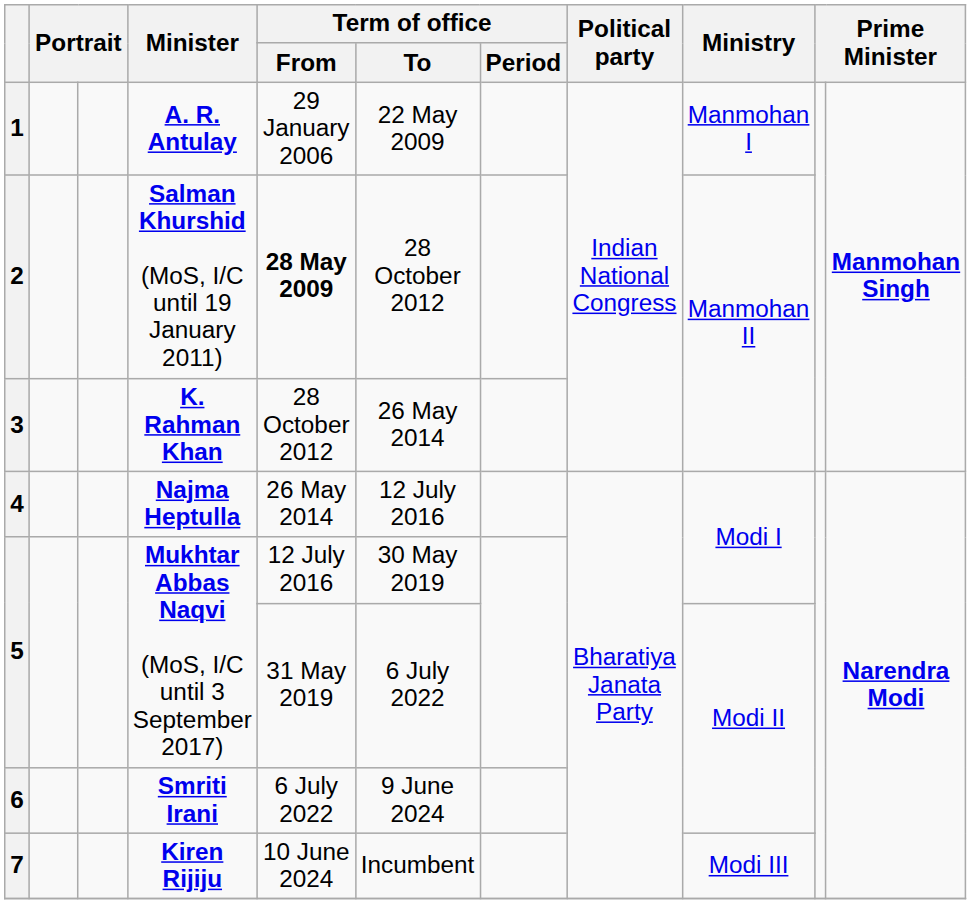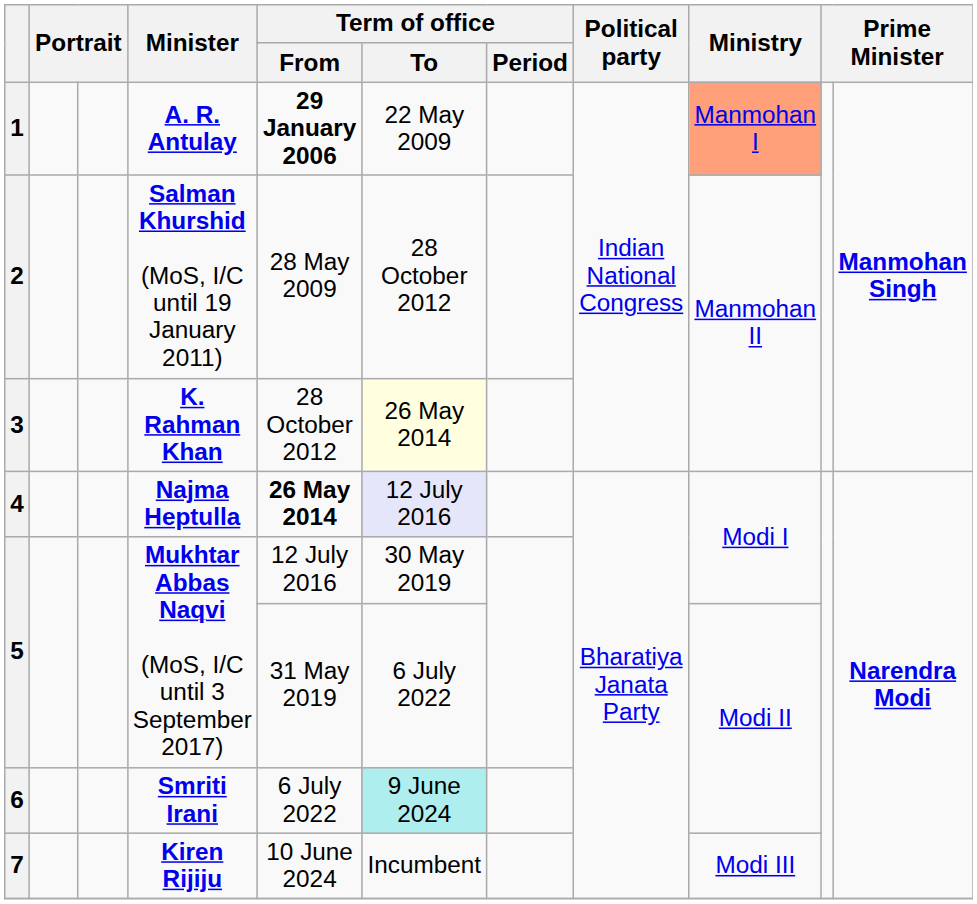 <table class="wikitable" style="text-align:center">
 <tr>
 <th rowspan="2"></th>
 <th rowspan="2" colspan="2">Portrait</th>
 <th rowspan="2" style="width:16em">Minister<br></th>
 <th colspan="3">Term of office</th>
 <th rowspan="2" style="width:8em">Political party</th>
 <th rowspan="2" style="width:6em">Ministry</th>
 <th rowspan="2" colspan="2">Prime Minister</th>
 </tr>
 <tr>
 <th style="width:8em">From</th>
 <th style="width:8em">To</th>
 <th style="width:6em">Period</th>
 </tr>
 <tr>
 <th>1</th>
 <td></td>
 <td></td>
 <td><strong><a href='#'>A. R. Antulay</a></strong><br></td>
-<td>29 January<br>2006</td>
+<td><strong>29 January<br>2006</strong></td>
 <td>22 May<br>2009</td>
 <td><strong></strong></td>
 <td rowspan="3"><a href='#'>Indian National Congress</a></td>
-<td><a href='#'>Manmohan I</a></td>
+<td style="background: lightsalmon;"><a href='#'>Manmohan I</a></td>
 <td rowspan="3"></td>
 <td rowspan="3" style="width:9em"><strong><a href='#'>Manmohan Singh</a></strong></td>
 </tr>
 <tr>
 <th>2</th>
 <td></td>
 <td></td>
 <td><strong><a href='#'>Salman Khurshid</a></strong><br><br>(MoS, I/C until 19 January 2011)</td>
-<td><strong>28 May<br>2009</strong></td>
+<td>28 May<br>2009</td>
 <td>28 October<br>2012</td>
 <td><strong></strong></td>
 <td rowspan="2"><a href='#'>Manmohan II</a></td>
 </tr>
 <tr>
 <th>3</th>
 <td></td>
 <td></td>
 <td><strong><a href='#'>K. Rahman Khan</a></strong><br></td>
 <td>28 October<br>2012</td>
-<td>26 May<br>2014</td>
+<td style="background: lightyellow;">26 May<br>2014</td>
 <td><strong></strong></td>
 </tr>
 <tr>
 <th>4</th>
 <td></td>
 <td></td>
 <td><strong><a href='#'>Najma Heptulla</a></strong><br></td>
-<td>26 May<br>2014</td>
-<td>12 July<br>2016</td>
+<td><strong>26 May<br>2014</strong></td>
+<td style="background: lavender;">12 July<br>2016</td>
 <td><strong></strong></td>
 <td rowspan="5"><a href='#'>Bharatiya Janata Party</a></td>
 <td rowspan="2"><a href='#'>Modi I</a></td>
 <td rowspan="5"></td>
 <td rowspan="5"><strong><a href='#'>Narendra Modi</a></strong></td>
 </tr>
 <tr>
 <th rowspan="2">5</th>
 <td rowspan="2"></td>
 <td rowspan="2"></td>
 <td rowspan="2"><strong><a href='#'>Mukhtar Abbas Naqvi</a></strong><br><br>(MoS, I/C until 3 September 2017)</td>
 <td>12 July<br>2016</td>
 <td>30 May<br>2019</td>
 <td rowspan="2"><strong></strong></td>
 </tr>
 <tr>
 <td>31 May<br>2019</td>
 <td>6 July<br>2022</td>
 <td rowspan="2"><a href='#'>Modi II</a></td>
 </tr>
 <tr>
 <th>6</th>
 <td></td>
 <td></td>
 <td><strong><a href='#'>Smriti Irani</a></strong><br></td>
 <td>6 July<br>2022</td>
-<td>9 June<br>2024</td>
+<td style="background: paleturquoise;">9 June<br>2024</td>
 <td><strong></strong></td>
 </tr>
 <tr>
 <th>7</th>
 <td></td>
 <td></td>
 <td><strong><a href='#'>Kiren Rijiju</a></strong><br></td>
 <td>10 June<br>2024</td>
 <td>Incumbent</td>
 <td><strong></strong></td>
 <td><a href='#'>Modi III</a></td>
 </tr>
 <tr>
 </tr>
 </table>
